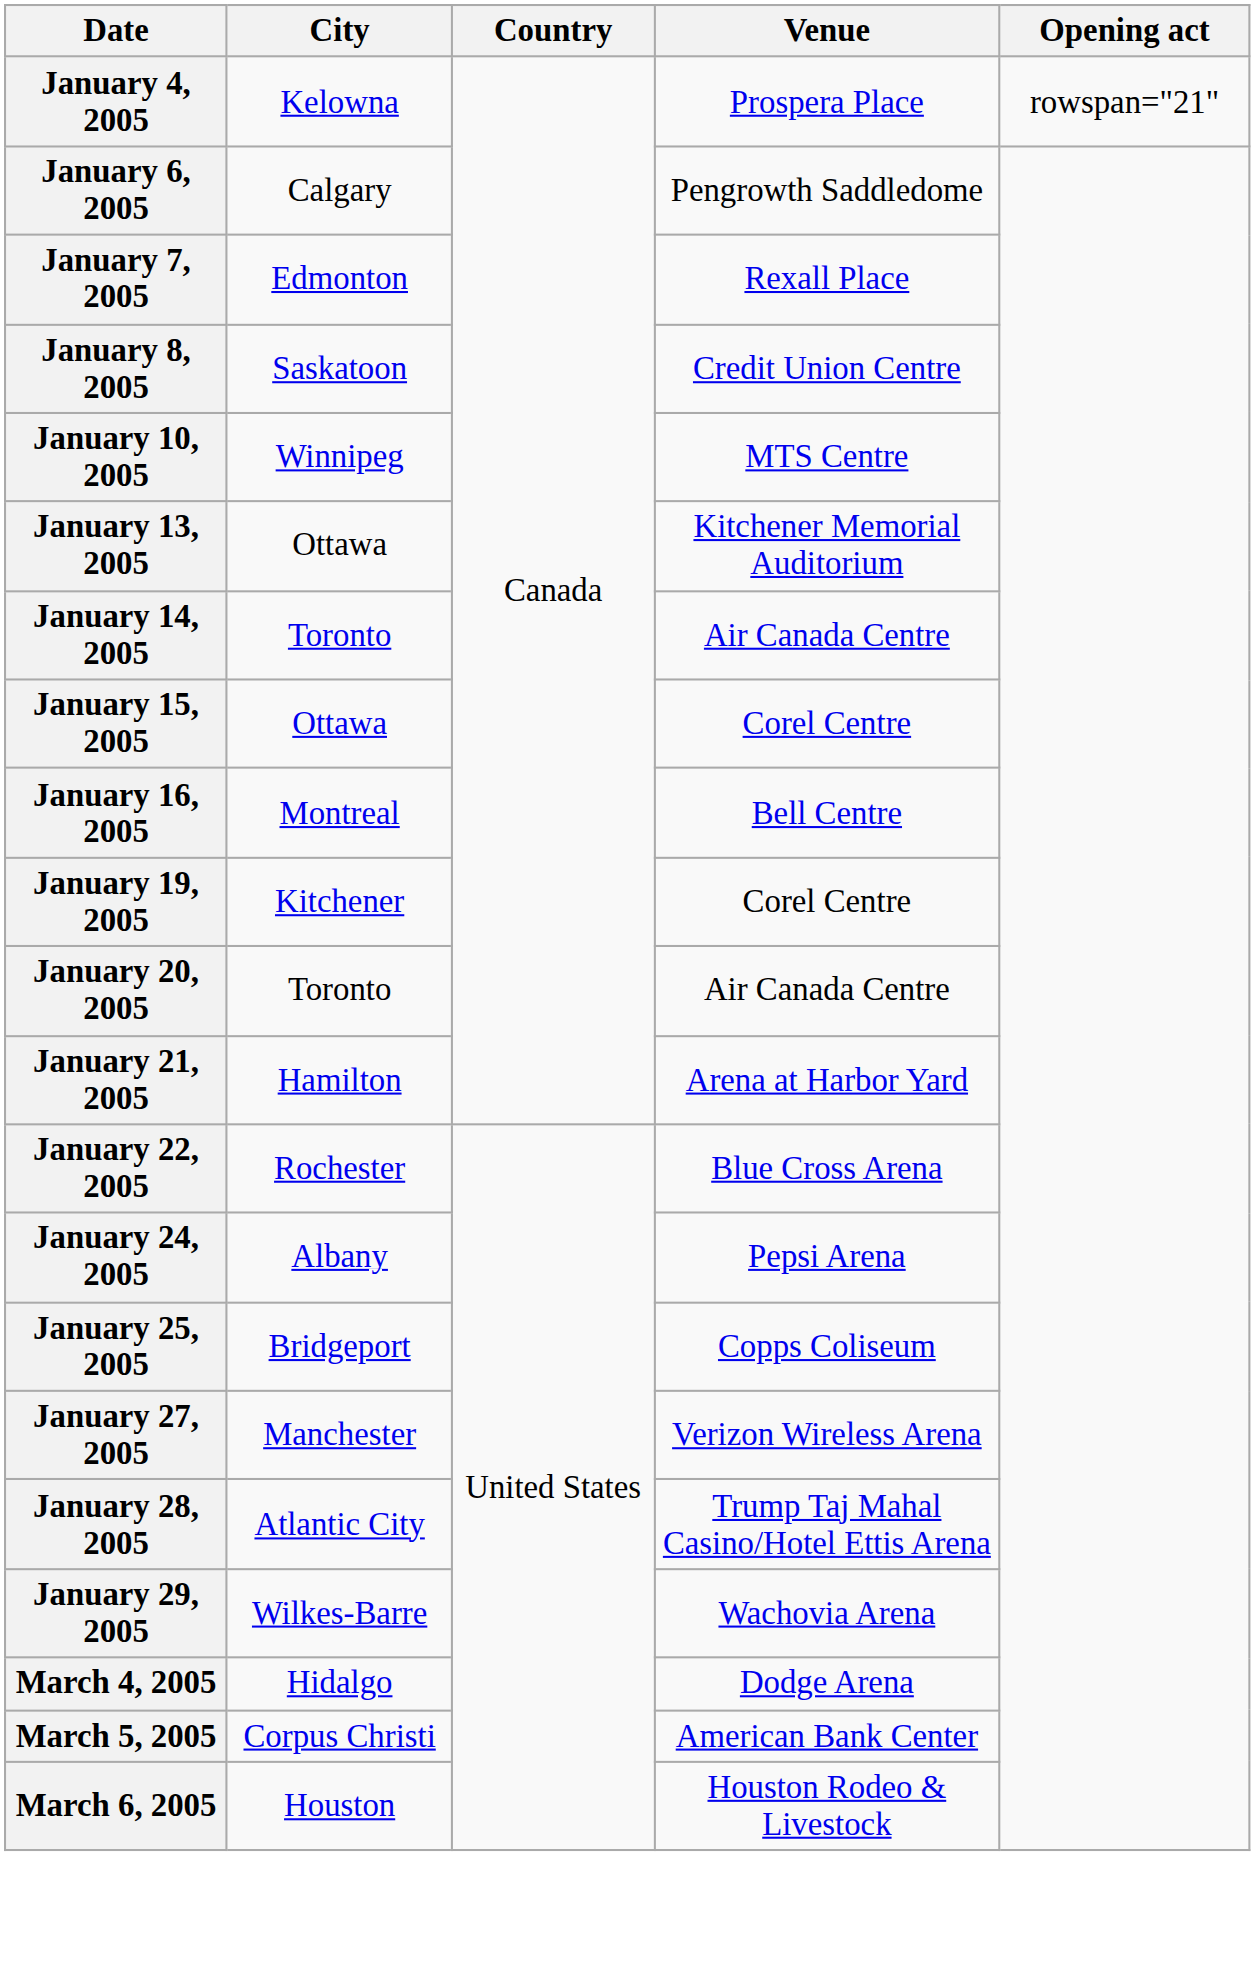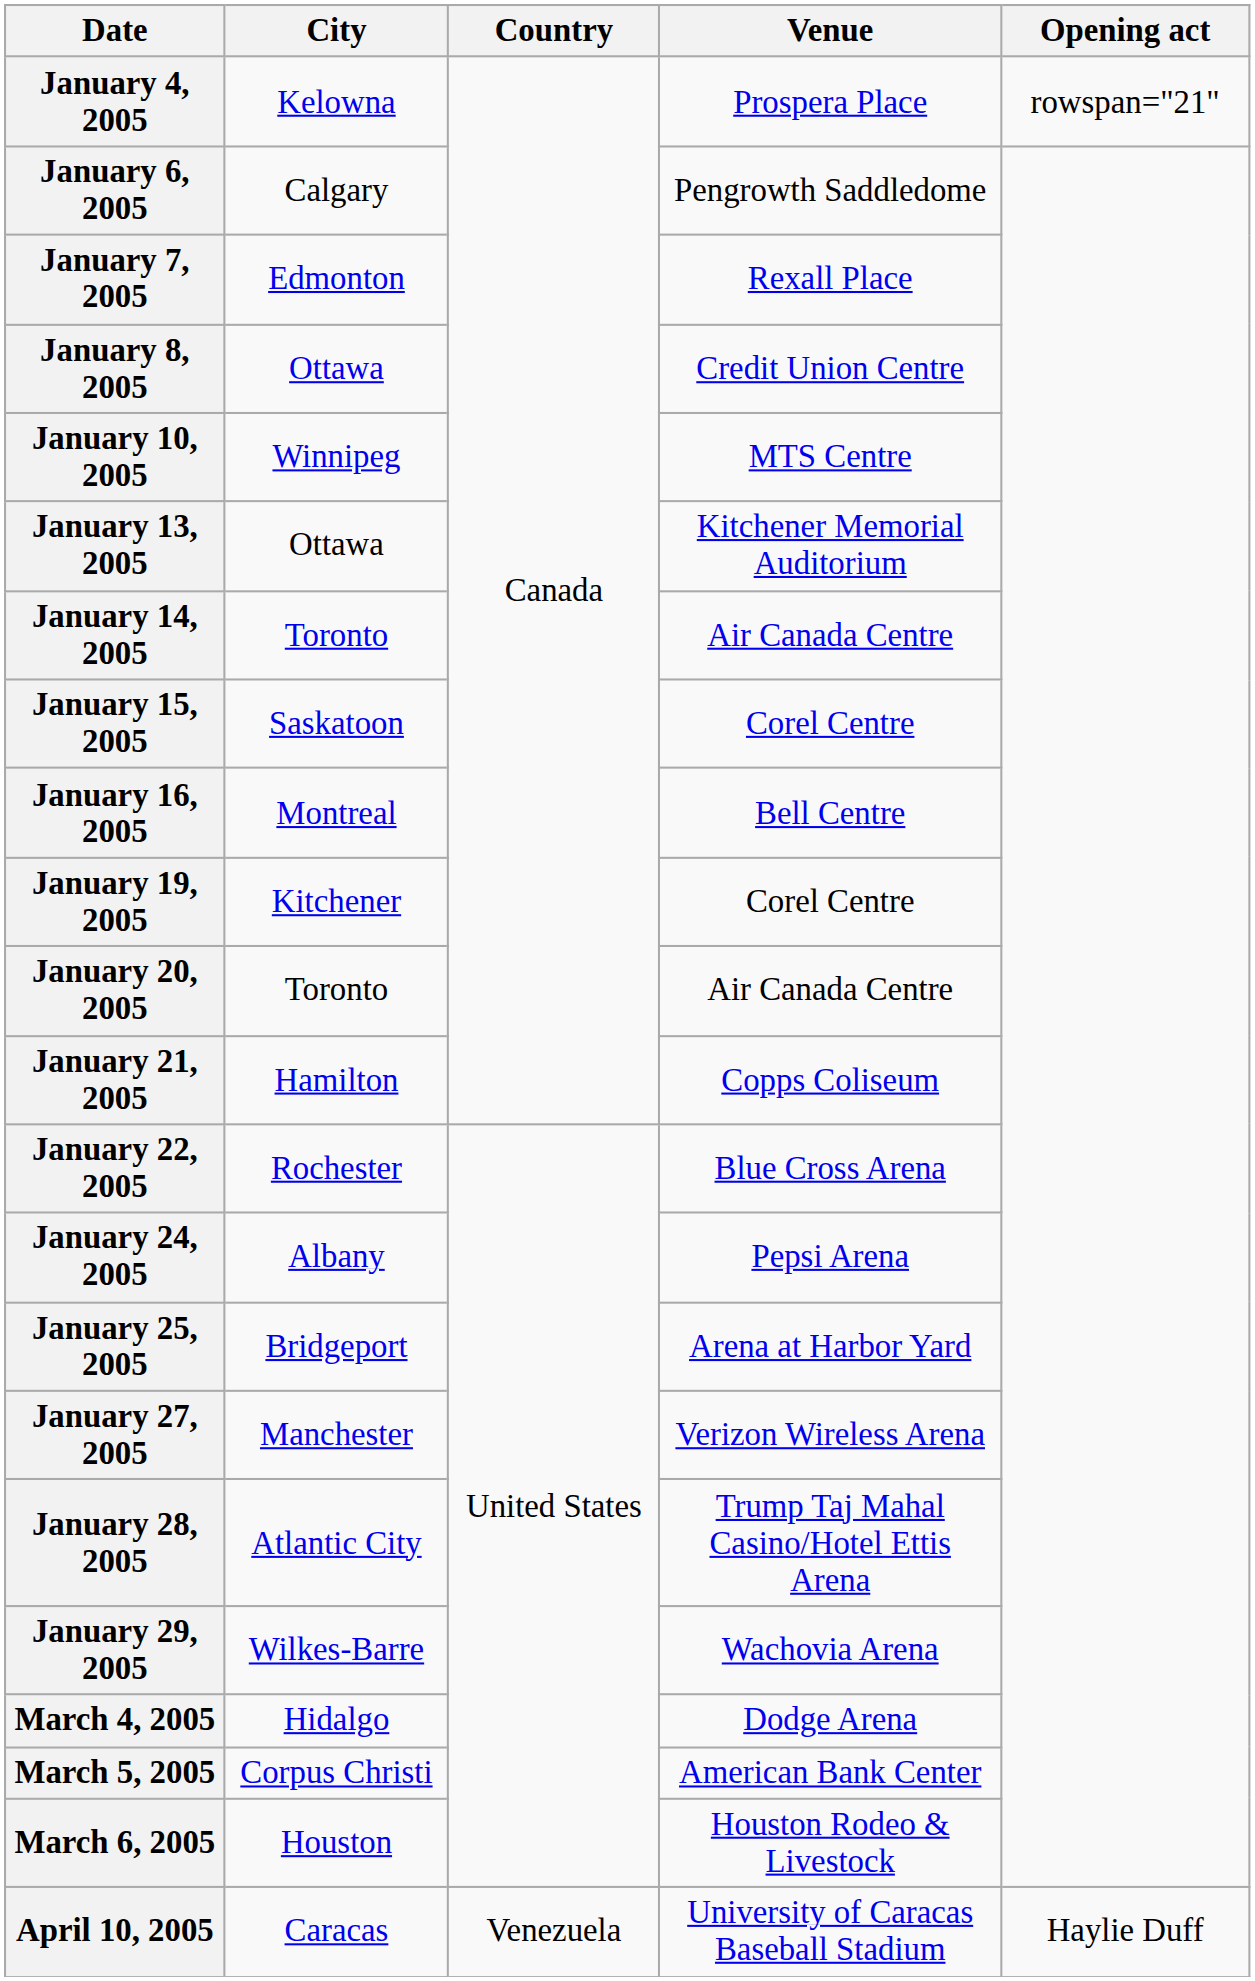 <table class="wikitable plainrowheaders" style="text-align:center;">
 <tr>
 <th scope="col" style="width:12em;">Date</th>
 <th scope="col" style="width:10em;">City</th>
 <th scope="col" style="width:10em;">Country</th>
 <th scope="col" style="width:20em;">Venue</th>
 <th scope="col" style="width:10em;">Opening act</th>
 </tr>
 <tr>
 <th scope="row">January 4, 2005</th>
 <td><a href='#'>Kelowna</a></td>
 <td rowspan="12">Canada</td>
 <td><a href='#'>Prospera Place</a></td>
 <td>rowspan="21" </td>
 </tr>
 <tr>
 <th scope="row">January 6, 2005</th>
 <td>Calgary</td>
 <td>Pengrowth Saddledome</td>
 </tr>
 <tr>
 <th scope="row">January 7, 2005</th>
 <td><a href='#'>Edmonton</a></td>
 <td><a href='#'>Rexall Place</a></td>
 </tr>
 <tr>
 <th scope="row">January 8, 2005</th>
-<td><a href='#'>Saskatoon</a></td>
+<td><a href='#'>Ottawa</a></td>
 <td><a href='#'>Credit Union Centre</a></td>
 </tr>
 <tr>
 <th scope="row">January 10, 2005</th>
 <td><a href='#'>Winnipeg</a></td>
 <td><a href='#'>MTS Centre</a></td>
 </tr>
 <tr>
 <th scope="row">January 13, 2005</th>
 <td>Ottawa</td>
 <td><a href='#'>Kitchener Memorial Auditorium</a></td>
 </tr>
 <tr>
 <th scope="row">January 14, 2005</th>
 <td><a href='#'>Toronto</a></td>
 <td><a href='#'>Air Canada Centre</a></td>
 </tr>
 <tr>
 <th scope="row">January 15, 2005</th>
-<td><a href='#'>Ottawa</a></td>
+<td><a href='#'>Saskatoon</a></td>
 <td><a href='#'>Corel Centre</a></td>
 </tr>
 <tr>
 <th scope="row">January 16, 2005</th>
 <td><a href='#'>Montreal</a></td>
 <td><a href='#'>Bell Centre</a></td>
 </tr>
 <tr>
 <th scope="row">January 19, 2005</th>
 <td><a href='#'>Kitchener</a></td>
 <td>Corel Centre</td>
 </tr>
 <tr>
 <th scope="row">January 20, 2005</th>
 <td>Toronto</td>
 <td>Air Canada Centre</td>
 </tr>
 <tr>
 <th scope="row">January 21, 2005</th>
 <td><a href='#'>Hamilton</a></td>
-<td><a href='#'>Arena at Harbor Yard</a></td>
+<td><a href='#'>Copps Coliseum</a></td>
 </tr>
 <tr>
 <th scope="row">January 22, 2005</th>
 <td><a href='#'>Rochester</a></td>
 <td rowspan="9">United States</td>
 <td><a href='#'>Blue Cross Arena</a></td>
 </tr>
 <tr>
 <th scope="row">January 24, 2005</th>
 <td><a href='#'>Albany</a></td>
 <td><a href='#'>Pepsi Arena</a></td>
 </tr>
 <tr>
 <th scope="row">January 25, 2005</th>
 <td><a href='#'>Bridgeport</a></td>
-<td><a href='#'>Copps Coliseum</a></td>
+<td><a href='#'>Arena at Harbor Yard</a></td>
 </tr>
 <tr>
 <th scope="row">January 27, 2005</th>
 <td><a href='#'>Manchester</a></td>
 <td><a href='#'>Verizon Wireless Arena</a></td>
 </tr>
 <tr>
 <th scope="row">January 28, 2005</th>
 <td><a href='#'>Atlantic City</a></td>
 <td><a href='#'>Trump Taj Mahal Casino/Hotel Ettis Arena</a></td>
 </tr>
 <tr>
 <th scope="row">January 29, 2005</th>
 <td><a href='#'>Wilkes-Barre</a></td>
 <td><a href='#'>Wachovia Arena</a></td>
 </tr>
 <tr>
 <th scope="row">March 4, 2005</th>
 <td><a href='#'>Hidalgo</a></td>
 <td><a href='#'>Dodge Arena</a></td>
 </tr>
 <tr>
 <th scope="row">March 5, 2005</th>
 <td><a href='#'>Corpus Christi</a></td>
 <td><a href='#'>American Bank Center</a></td>
 </tr>
 <tr>
 <th scope="row">March 6, 2005</th>
 <td><a href='#'>Houston</a></td>
 <td><a href='#'>Houston Rodeo & Livestock</a></td>
 </tr>
+<tr>
+<th scope="row">April 10, 2005</th>
+<td><a href='#'>Caracas</a></td>
+<td>Venezuela</td>
+<td><a href='#'>University of Caracas Baseball Stadium</a></td>
+<td>Haylie Duff</td>
+</tr>
 </table>
